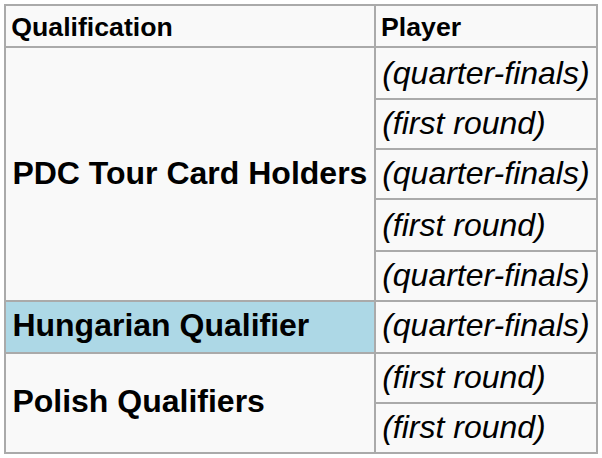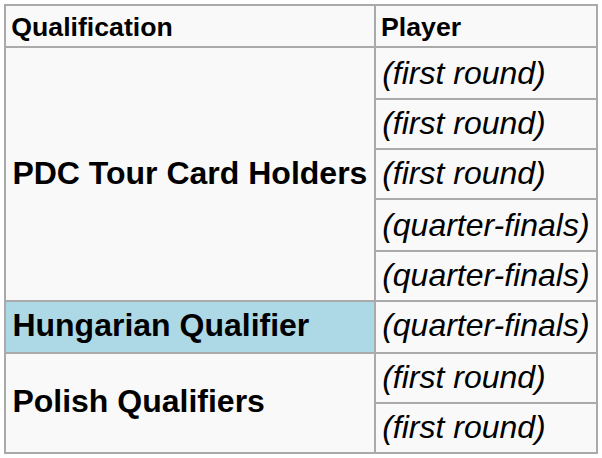 <table class="wikitable">
 <tr style="font-size:10pt;font-weight:bold">
 <td>Qualification</td>
 <td>Player</td>
 </tr>
 <tr>
 <td rowspan="5"><strong>PDC Tour Card Holders</strong></td>
-<td> <em>(quarter-finals)</em></td>
+<td> <em>(first round)</em></td>
+</tr>
+<tr>
+<td> <em>(first round)</em></td>
 </tr>
 <tr>
 <td> <em>(first round)</em></td>
 </tr>
 <tr>
 <td> <em>(quarter-finals)</em></td>
-</tr>
-<tr>
-<td> <em>(first round)</em></td>
 </tr>
 <tr>
 <td> <em>(quarter-finals)</em></td>
 </tr>
 <tr>
 <td style="background: lightblue;"><strong>Hungarian Qualifier</strong></td>
 <td> <em>(quarter-finals)</em></td>
 </tr>
 <tr>
 <td rowspan="2"><strong>Polish Qualifiers</strong></td>
 <td> <em>(first round)</em></td>
 </tr>
 <tr>
 <td> <em>(first round)</em></td>
 </tr>
 </table>
